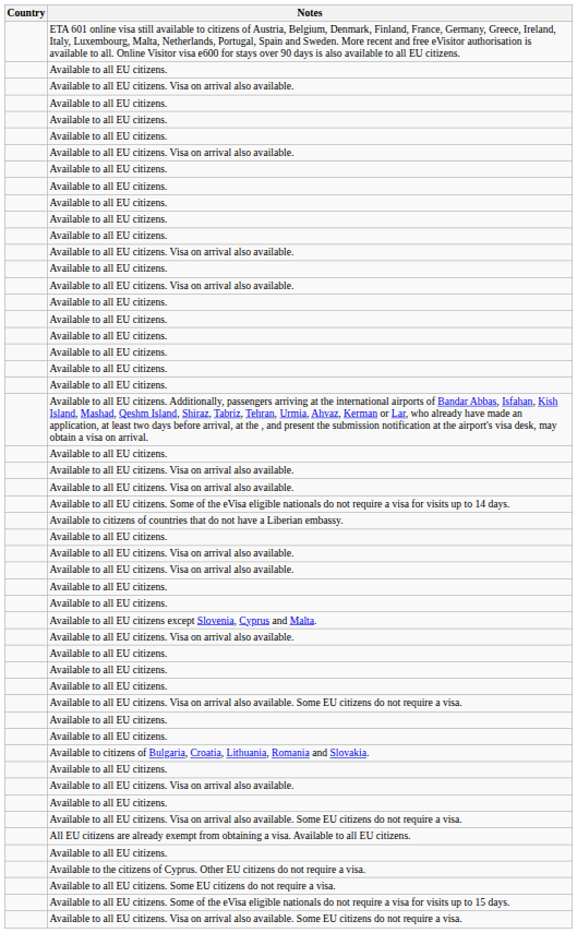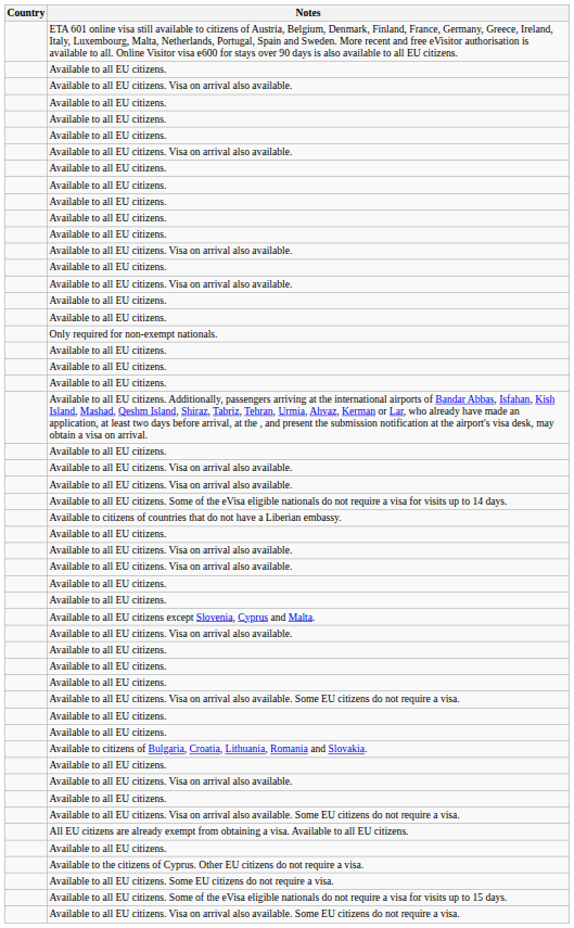 <table class="wikitable">
 <tr>
 <th>Country</th>
 <th>Notes</th>
 </tr>
 <tr>
 <td></td>
 <td>ETA 601 online visa still available to citizens of Austria, Belgium, Denmark, Finland, France, Germany, Greece, Ireland, Italy, Luxembourg, Malta, Netherlands, Portugal, Spain and Sweden. More recent and free eVisitor authorisation is available to all. Online Visitor visa e600 for stays over 90 days is also available to all EU citizens.</td>
 </tr>
 <tr>
 <td></td>
 <td>Available to all EU citizens.</td>
 </tr>
 <tr>
 <td></td>
 <td>Available to all EU citizens. Visa on arrival also available.</td>
 </tr>
 <tr>
 <td></td>
 <td>Available to all EU citizens.</td>
 </tr>
 <tr>
 <td></td>
 <td>Available to all EU citizens.</td>
 </tr>
 <tr>
 <td></td>
 <td>Available to all EU citizens.</td>
 </tr>
 <tr>
 <td></td>
 <td>Available to all EU citizens. Visa on arrival also available.</td>
 </tr>
 <tr>
 <td></td>
 <td>Available to all EU citizens.</td>
 </tr>
 <tr>
 <td></td>
 <td>Available to all EU citizens.</td>
 </tr>
 <tr>
 <td></td>
 <td>Available to all EU citizens.</td>
 </tr>
 <tr>
 <td></td>
 <td>Available to all EU citizens.</td>
 </tr>
 <tr>
 <td></td>
 <td>Available to all EU citizens.</td>
 </tr>
 <tr>
 <td></td>
 <td>Available to all EU citizens. Visa on arrival also available.</td>
 </tr>
 <tr>
 <td></td>
 <td>Available to all EU citizens.</td>
 </tr>
 <tr>
 <td></td>
 <td>Available to all EU citizens. Visa on arrival also available.</td>
 </tr>
 <tr>
 <td></td>
 <td>Available to all EU citizens.</td>
 </tr>
 <tr>
 <td></td>
 <td>Available to all EU citizens.</td>
 </tr>
 <tr>
 <td></td>
-<td>Available to all EU citizens.</td>
+<td>Only required for non-exempt nationals.</td>
 </tr>
 <tr>
 <td></td>
 <td>Available to all EU citizens.</td>
 </tr>
 <tr>
 <td></td>
 <td>Available to all EU citizens.</td>
 </tr>
 <tr>
 <td></td>
 <td>Available to all EU citizens.</td>
 </tr>
 <tr>
 <td></td>
 <td>Available to all EU citizens. Additionally, passengers arriving at the international airports of <a href='#'>Bandar Abbas</a>, <a href='#'>Isfahan</a>, <a href='#'>Kish Island</a>, <a href='#'>Mashad</a>, <a href='#'>Qeshm Island</a>, <a href='#'>Shiraz</a>, <a href='#'>Tabriz</a>, <a href='#'>Tehran</a>, <a href='#'>Urmia</a>, <a href='#'>Ahvaz</a>, <a href='#'>Kerman</a> or <a href='#'>Lar</a>, who already have made an application, at least two days before arrival, at the , and present the submission notification at the airport's visa desk, may obtain a visa on arrival.</td>
 </tr>
 <tr>
 <td></td>
 <td>Available to all EU citizens.</td>
 </tr>
 <tr>
 <td></td>
 <td>Available to all EU citizens. Visa on arrival also available.</td>
 </tr>
 <tr>
 <td></td>
 <td>Available to all EU citizens. Visa on arrival also available.</td>
 </tr>
 <tr>
 <td></td>
 <td>Available to all EU citizens. Some of the eVisa eligible nationals do not require a visa for visits up to 14 days.</td>
 </tr>
 <tr>
 <td></td>
 <td>Available to citizens of countries that do not have a Liberian embassy.</td>
 </tr>
 <tr>
 <td></td>
 <td>Available to all EU citizens.</td>
 </tr>
 <tr>
 <td></td>
 <td>Available to all EU citizens. Visa on arrival also available.</td>
 </tr>
 <tr>
 <td></td>
 <td>Available to all EU citizens. Visa on arrival also available.</td>
 </tr>
 <tr>
 <td></td>
 <td>Available to all EU citizens.</td>
 </tr>
 <tr>
 <td></td>
 <td>Available to all EU citizens.</td>
 </tr>
 <tr>
 <td></td>
 <td>Available to all EU citizens except <a href='#'>Slovenia</a>, <a href='#'>Cyprus</a> and <a href='#'>Malta</a>.</td>
 </tr>
 <tr>
 <td></td>
 <td>Available to all EU citizens. Visa on arrival also available.</td>
 </tr>
 <tr>
 <td></td>
 <td>Available to all EU citizens.</td>
 </tr>
 <tr>
 <td></td>
 <td>Available to all EU citizens.</td>
 </tr>
 <tr>
 <td></td>
 <td>Available to all EU citizens.</td>
 </tr>
 <tr>
 <td></td>
 <td>Available to all EU citizens. Visa on arrival also available. Some EU citizens do not require a visa.</td>
 </tr>
 <tr>
 <td></td>
 <td>Available to all EU citizens.</td>
 </tr>
 <tr>
 <td></td>
 <td>Available to all EU citizens.</td>
 </tr>
 <tr>
 <td></td>
 <td>Available to citizens of <a href='#'>Bulgaria</a>, <a href='#'>Croatia</a>, <a href='#'>Lithuania</a>, <a href='#'>Romania</a> and <a href='#'>Slovakia</a>.</td>
 </tr>
 <tr>
 <td></td>
 <td>Available to all EU citizens.</td>
 </tr>
 <tr>
 <td></td>
 <td>Available to all EU citizens. Visa on arrival also available.</td>
 </tr>
 <tr>
 <td></td>
 <td>Available to all EU citizens.</td>
 </tr>
 <tr>
 <td></td>
 <td>Available to all EU citizens. Visa on arrival also available. Some EU citizens do not require a visa.</td>
 </tr>
 <tr>
 <td></td>
 <td>All EU citizens are already exempt from obtaining a visa. Available to all EU citizens.</td>
 </tr>
 <tr>
 <td></td>
 <td>Available to all EU citizens.</td>
 </tr>
 <tr>
 <td></td>
 <td>Available to the citizens of Cyprus. Other EU citizens do not require a visa.</td>
 </tr>
 <tr>
 <td></td>
 <td>Available to all EU citizens. Some EU citizens do not require a visa.</td>
 </tr>
 <tr>
 <td></td>
 <td>Available to all EU citizens. Some of the eVisa eligible nationals do not require a visa for visits up to 15 days.</td>
 </tr>
 <tr>
 <td></td>
 <td>Available to all EU citizens. Visa on arrival also available. Some EU citizens do not require a visa.</td>
 </tr>
 </table>
